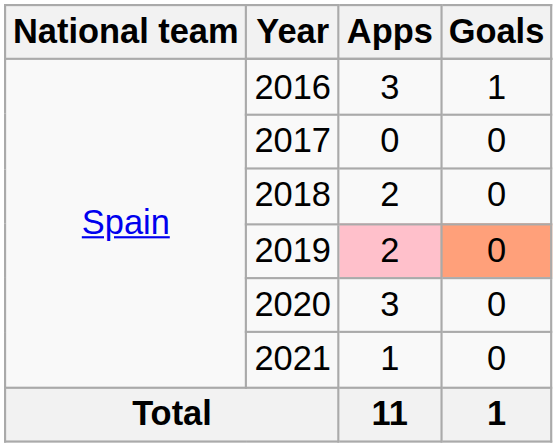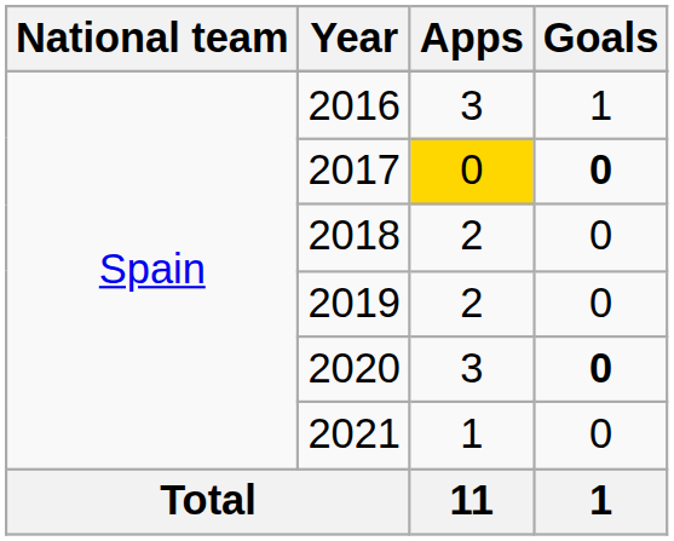 <table class="wikitable" style="text-align:center">
 <tr>
 <th>National team</th>
 <th>Year</th>
 <th>Apps</th>
 <th>Goals</th>
 </tr>
 <tr>
 <td rowspan="7"><a href='#'>Spain</a></td>
 </tr>
 <tr>
 <td>2016</td>
 <td>3</td>
 <td>1</td>
 </tr>
 <tr>
 <td>2017</td>
-<td>0</td>
-<td>0</td>
+<td style="background: gold;">0</td>
+<td><strong>0</strong></td>
 </tr>
 <tr>
 <td>2018</td>
 <td>2</td>
 <td>0</td>
 </tr>
 <tr>
 <td>2019</td>
-<td style="background: pink;">2</td>
-<td style="background: lightsalmon;">0</td>
+<td>2</td>
+<td>0</td>
 </tr>
 <tr>
 <td>2020</td>
 <td>3</td>
-<td>0</td>
+<td><strong>0</strong></td>
 </tr>
 <tr>
 <td>2021</td>
 <td>1</td>
 <td>0</td>
 </tr>
 <tr>
 <th colspan="2">Total</th>
 <th>11</th>
 <th>1</th>
 </tr>
 </table>
